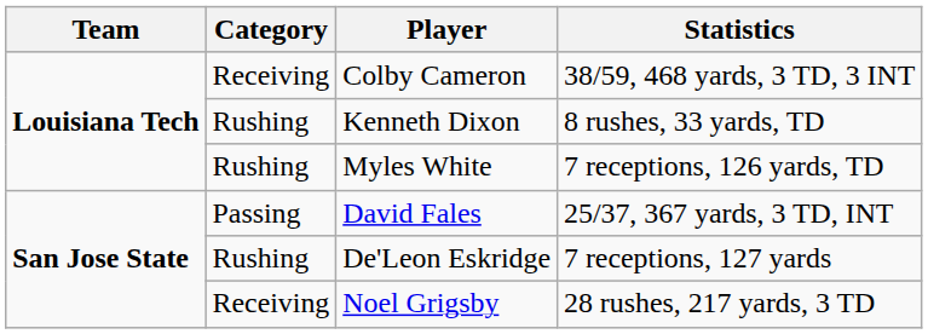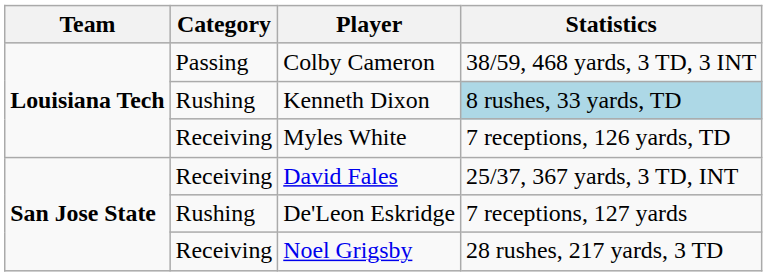 <table class="wikitable" style="float: left;">
 <tr>
 <th>Team</th>
 <th>Category</th>
 <th>Player</th>
 <th>Statistics</th>
 </tr>
 <tr>
 <td rowspan=3><strong>Louisiana Tech</strong></td>
-<td>Receiving</td>
+<td>Passing</td>
 <td>Colby Cameron</td>
 <td>38/59, 468 yards, 3 TD, 3 INT</td>
 </tr>
 <tr>
 <td>Rushing</td>
 <td>Kenneth Dixon</td>
-<td>8 rushes, 33 yards, TD</td>
+<td style="background: lightblue;">8 rushes, 33 yards, TD</td>
 </tr>
 <tr>
-<td>Rushing</td>
+<td>Receiving</td>
 <td>Myles White</td>
 <td>7 receptions, 126 yards, TD</td>
 </tr>
 <tr>
 <td rowspan=3><strong>San Jose State</strong></td>
-<td>Passing</td>
+<td>Receiving</td>
 <td><a href='#'>David Fales</a></td>
 <td>25/37, 367 yards, 3 TD, INT</td>
 </tr>
 <tr>
 <td>Rushing</td>
 <td>De'Leon Eskridge</td>
 <td>7 receptions, 127 yards</td>
 </tr>
 <tr>
 <td>Receiving</td>
 <td><a href='#'>Noel Grigsby</a></td>
 <td>28 rushes, 217 yards, 3 TD</td>
 </tr>
 </table>
